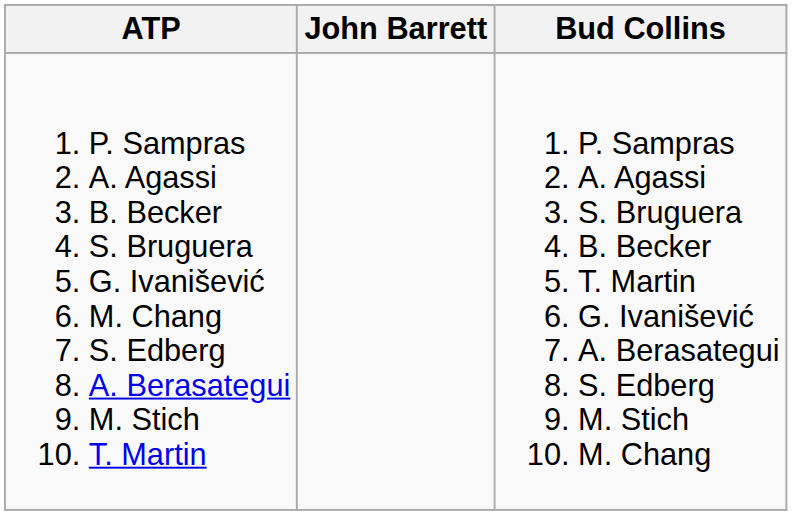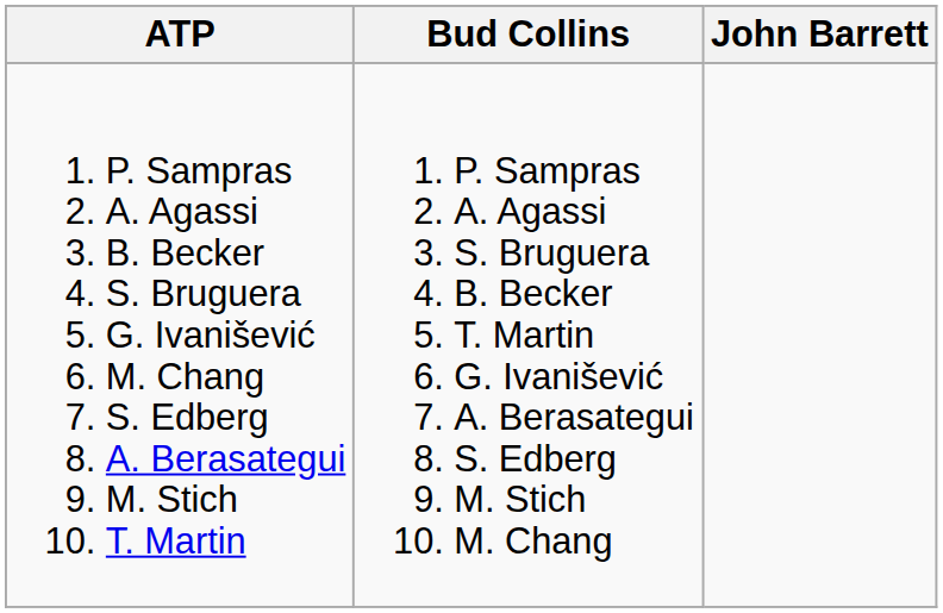 <table class="wikitable">
 <tr>
 <th>ATP</th>
+<th>Bud Collins</th>
 <th>John Barrett</th>
-<th>Bud Collins</th>
 </tr>
 <tr style="vertical-align: top;">
 <td style="white-space: nowrap;"><br><ol><li> P. Sampras</li><li> A. Agassi</li><li> B. Becker</li><li> S. Bruguera</li><li> G. Ivanišević</li><li> M. Chang</li><li> S. Edberg</li><li> <a href='#'>A. Berasategui</a></li><li> M. Stich</li><li> <a href='#'>T. Martin</a></li></ol></td>
+<td style="white-space: nowrap;"><br><ol><li> P. Sampras</li><li> A. Agassi</li><li> S. Bruguera</li><li> B. Becker</li><li> T. Martin</li><li> G. Ivanišević</li><li> A. Berasategui</li><li> S. Edberg</li><li> M. Stich</li><li> M. Chang</li></ol></td>
 <td></td>
-<td style="white-space: nowrap;"><br><ol><li> P. Sampras</li><li> A. Agassi</li><li> S. Bruguera</li><li> B. Becker</li><li> T. Martin</li><li> G. Ivanišević</li><li> A. Berasategui</li><li> S. Edberg</li><li> M. Stich</li><li> M. Chang</li></ol></td>
 </tr>
 </table>
